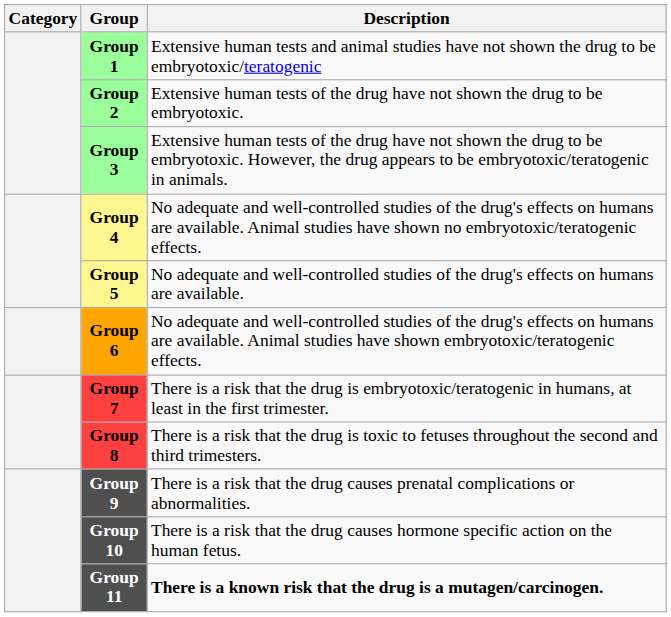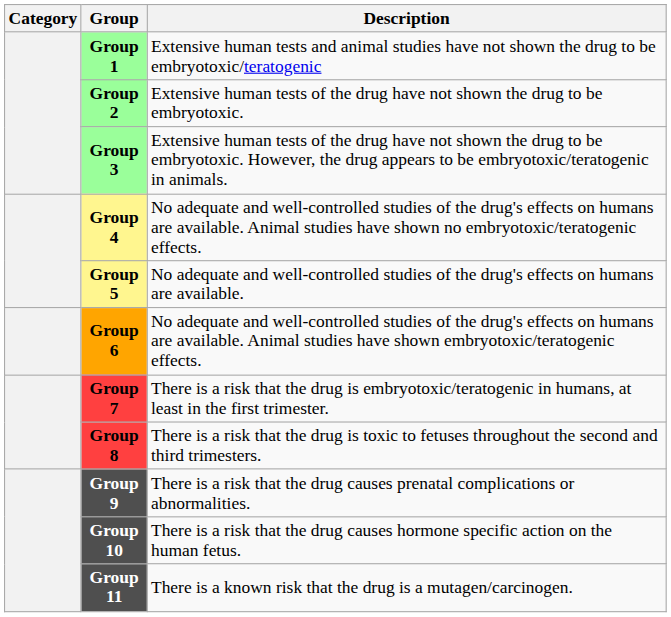 <table class="wikitable">
 <tr>
 <th>Category</th>
 <th>Group</th>
 <th>Description</th>
 </tr>
 <tr>
 <th rowspan=3> </th>
 <th style="background:#9aff9a;">Group 1</th>
 <td>Extensive human tests and animal studies have not shown the drug to be embryotoxic/<a href='#'>teratogenic</a></td>
 </tr>
 <tr>
 <th style="background:#9aff9a;">Group 2</th>
 <td>Extensive human tests of the drug have not shown the drug to be embryotoxic.</td>
 </tr>
 <tr>
 <th style="background:#9aff9a;">Group 3</th>
 <td>Extensive human tests of the drug have not shown the drug to be embryotoxic. However, the drug appears to be embryotoxic/teratogenic in animals.</td>
 </tr>
 <tr>
 <th rowspan=2> </th>
 <th style="background:#fff68F;">Group 4</th>
 <td>No adequate and well-controlled studies of the drug's effects on humans are available. Animal studies have shown no embryotoxic/teratogenic effects.</td>
 </tr>
 <tr>
 <th style="background:#fff68F;">Group 5</th>
 <td>No adequate and well-controlled studies of the drug's effects on humans are available.</td>
 </tr>
 <tr>
 <th rowspan=1> </th>
 <th style="background:orange;">Group 6</th>
 <td>No adequate and well-controlled studies of the drug's effects on humans are available. Animal studies have shown embryotoxic/teratogenic effects.</td>
 </tr>
 <tr>
 <th rowspan=2> </th>
 <th style="background:#ff4040;">Group 7</th>
 <td>There is a risk that the drug is embryotoxic/teratogenic in humans, at least in the first trimester.</td>
 </tr>
 <tr>
 <th style="background:#ff4040;">Group 8</th>
 <td>There is a risk that the drug is toxic to fetuses throughout the second and third trimesters.</td>
 </tr>
 <tr>
 <th rowspan=3> </th>
 <th style="background:#4f4f4f; color:white">Group 9</th>
 <td>There is a risk that the drug causes prenatal complications or abnormalities.</td>
 </tr>
 <tr>
 <th style="background:#4f4f4f; color:white">Group 10</th>
 <td>There is a risk that the drug causes hormone specific action on the human fetus.</td>
 </tr>
 <tr>
 <th style="background:#4f4f4f; color:white">Group 11</th>
-<td><strong>There is a known risk that the drug is a mutagen/carcinogen.</strong></td>
+<td>There is a known risk that the drug is a mutagen/carcinogen.</td>
 </tr>
 </table>
